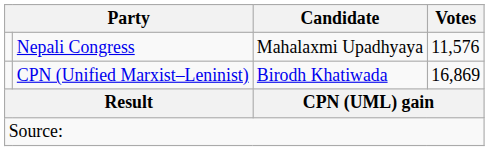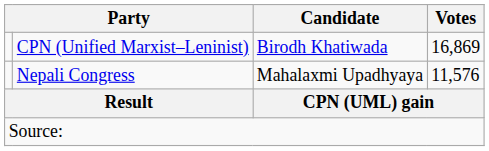 <table class="wikitable">
 <tr>
 <th colspan="2">Party</th>
 <th>Candidate</th>
 <th>Votes</th>
 </tr>
 <tr>
 <td style="background-color:"></td>
+<td><a href='#'>CPN (Unified Marxist–Leninist)</a></td>
+<td><a href='#'>Birodh Khatiwada</a></td>
+<td>16,869</td>
+</tr>
+<tr>
+<td style="background-color:"></td>
 <td><a href='#'>Nepali Congress</a></td>
 <td>Mahalaxmi Upadhyaya</td>
 <td>11,576</td>
-</tr>
-<tr>
-<td style="background-color:"></td>
-<td><a href='#'>CPN (Unified Marxist–Leninist)</a></td>
-<td><a href='#'>Birodh Khatiwada</a></td>
-<td>16,869</td>
 </tr>
 <tr>
 <th colspan="2">Result</th>
 <th colspan="2">CPN (UML) gain</th>
 </tr>
 <tr>
 <td colspan="4">Source: </td>
 </tr>
 </table>
